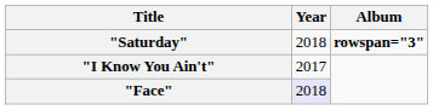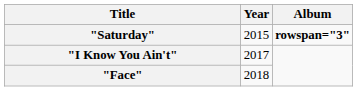 <table class="wikitable plainrowheaders" style="text-align:center;">
 <tr>
 <th scope="col" style="width:18em;">Title</th>
 <th scope="col">Year</th>
 <th scope="col">Album</th>
 </tr>
 <tr>
 <th scope="row">"Saturday"</th>
-<td>2018</td>
+<td>2015</td>
 <td><strong>rowspan="3" </strong></td>
 </tr>
 <tr>
 <th scope="row">"I Know You Ain't"<br></th>
 <td>2017</td>
 </tr>
 <tr>
 <th scope="row">"Face"</th>
-<td style="background: lavender;">2018</td>
+<td>2018</td>
 </tr>
 </table>
